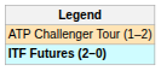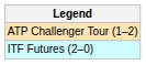 <table class=wikitable style=font-size:97%>
 <tr>
 <th>Legend</th>
 </tr>
 <tr style="background:moccasin;">
 <td>ATP Challenger Tour (1–2)</td>
 </tr>
 <tr style="background:#cffcff;">
-<td><strong>ITF Futures (2–0)</strong></td>
+<td>ITF Futures (2–0)</td>
 </tr>
 </table>
